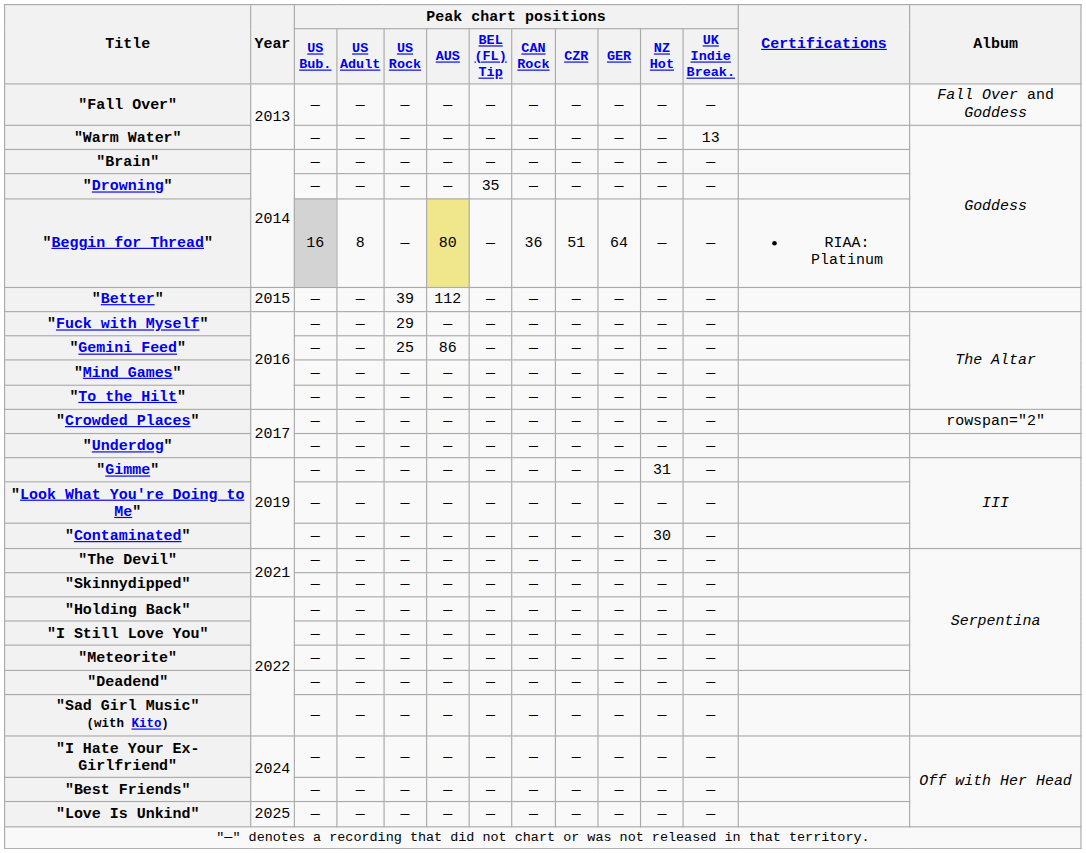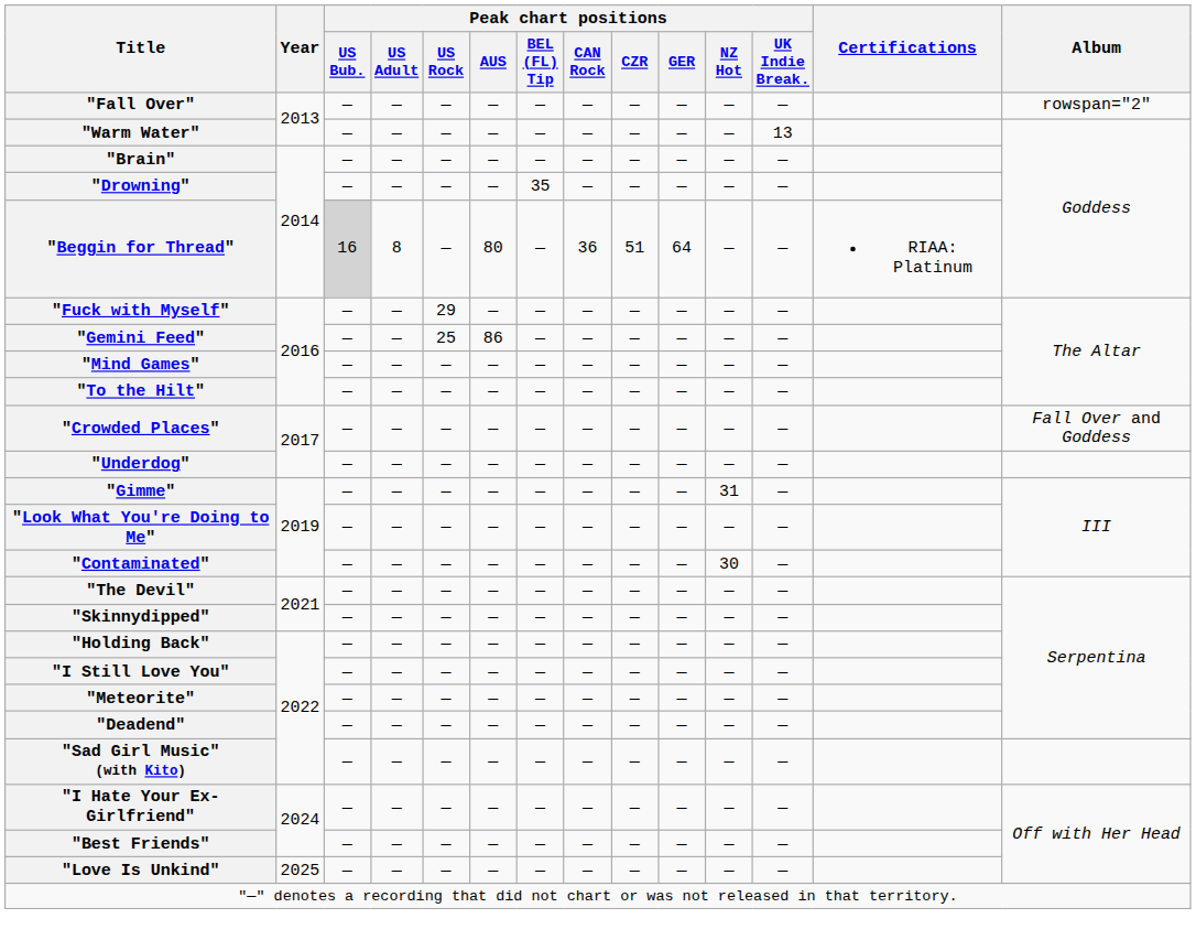 <table class="wikitable plainrowheaders" style="text-align:center">
 <tr>
 <th scope="col" rowspan="2" style="width:16em;">Title</th>
 <th scope="col" rowspan="2" style="width:1em;">Year</th>
 <th scope="col" colspan="10">Peak chart positions</th>
 <th scope="col" rowspan="2" style="width:11em;"><a href='#'>Certifications</a></th>
 <th scope="col" rowspan="2" style="width:11em;">Album</th>
 </tr>
 <tr>
 <th scope="col" style="width:2.7em;font-size:90%;"><a href='#'>US<br>Bub.</a><br></th>
 <th scope="col" style="width:2.7em;font-size:90%;"><a href='#'>US<br>Adult</a><br></th>
 <th scope="col" style="width:2.7em;font-size:90%;"><a href='#'>US<br>Rock</a><br></th>
 <th scope="col" style="width:2.7em;font-size:90%;"><a href='#'>AUS</a><br></th>
 <th scope="col" style="width:2.7em;font-size:90%;"><a href='#'>BEL<br>(FL)<br>Tip</a><br></th>
 <th scope="col" style="width:2.7em;font-size:90%;"><a href='#'>CAN<br>Rock</a><br></th>
 <th scope="col" style="width:2.7em;font-size:90%;"><a href='#'>CZR</a><br></th>
 <th scope="col" style="width:2.7em;font-size:90%;"><a href='#'>GER</a><br></th>
 <th scope="col" style="width:2.7em;font-size:90%;"><a href='#'>NZ<br>Hot</a><br></th>
 <th scope="col" style="width:2.7em;font-size:90%;"><a href='#'>UK<br>Indie<br>Break.</a><br></th>
 </tr>
 <tr>
 <th scope="row">"Fall Over"</th>
 <td rowspan="2">2013</td>
 <td>—</td>
 <td>—</td>
 <td>—</td>
 <td>—</td>
 <td>—</td>
 <td>—</td>
 <td>—</td>
 <td>—</td>
 <td>—</td>
 <td>—</td>
 <td></td>
-<td><em>Fall Over</em> and <em>Goddess</em></td>
+<td>rowspan="2" </td>
 </tr>
 <tr>
 <th scope="row">"Warm Water"</th>
 <td>—</td>
 <td>—</td>
 <td>—</td>
 <td>—</td>
 <td>—</td>
 <td>—</td>
 <td>—</td>
 <td>—</td>
 <td>—</td>
 <td>13</td>
 <td></td>
 <td rowspan="4"><em>Goddess</em></td>
 </tr>
 <tr>
 <th scope="row">"Brain"</th>
 <td rowspan="3">2014</td>
 <td>—</td>
 <td>—</td>
 <td>—</td>
 <td>—</td>
 <td>—</td>
 <td>—</td>
 <td>—</td>
 <td>—</td>
 <td>—</td>
 <td>—</td>
 <td></td>
 </tr>
 <tr>
 <th scope="row">"<a href='#'>Drowning</a>"</th>
 <td>—</td>
 <td>—</td>
 <td>—</td>
 <td>—</td>
 <td>35</td>
 <td>—</td>
 <td>—</td>
 <td>—</td>
 <td>—</td>
 <td>—</td>
 <td></td>
 </tr>
 <tr>
 <th scope="row">"<a href='#'>Beggin for Thread</a>"</th>
 <td style="background: lightgrey;">16</td>
 <td>8</td>
 <td>—</td>
-<td style="background: khaki;">80</td>
+<td>80</td>
 <td>—</td>
 <td>36</td>
 <td>51</td>
 <td>64</td>
 <td>—</td>
 <td>—</td>
 <td><br><ul><li>RIAA: Platinum</li></ul></td>
-</tr>
-<tr>
-<th scope="row">"<a href='#'>Better</a>"</th>
-<td>2015</td>
-<td>—</td>
-<td>—</td>
-<td>39</td>
-<td>112</td>
-<td>—</td>
-<td>—</td>
-<td>—</td>
-<td>—</td>
-<td>—</td>
-<td>—</td>
-<td></td>
-<td></td>
 </tr>
 <tr>
 <th scope="row">"<a href='#'>Fuck with Myself</a>"</th>
 <td rowspan="4">2016</td>
 <td>—</td>
 <td>—</td>
 <td>29</td>
 <td>—</td>
 <td>—</td>
 <td>—</td>
 <td>—</td>
 <td>—</td>
 <td>—</td>
 <td>—</td>
 <td></td>
 <td rowspan="4"><em>The Altar</em></td>
 </tr>
 <tr>
 <th scope="row">"<a href='#'>Gemini Feed</a>"</th>
 <td>—</td>
 <td>—</td>
 <td>25</td>
 <td>86</td>
 <td>—</td>
 <td>—</td>
 <td>—</td>
 <td>—</td>
 <td>—</td>
 <td>—</td>
 <td></td>
 </tr>
 <tr>
 <th scope="row">"<a href='#'>Mind Games</a>"</th>
 <td>—</td>
 <td>—</td>
 <td>—</td>
 <td>—</td>
 <td>—</td>
 <td>—</td>
 <td>—</td>
 <td>—</td>
 <td>—</td>
 <td>—</td>
 <td></td>
 </tr>
 <tr>
 <th scope="row">"<a href='#'>To the Hilt</a>"</th>
 <td>—</td>
 <td>—</td>
 <td>—</td>
 <td>—</td>
 <td>—</td>
 <td>—</td>
 <td>—</td>
 <td>—</td>
 <td>—</td>
 <td>—</td>
 <td></td>
 </tr>
 <tr>
 <th scope="row">"<a href='#'>Crowded Places</a>"</th>
 <td rowspan="2">2017</td>
 <td>—</td>
 <td>—</td>
 <td>—</td>
 <td>—</td>
 <td>—</td>
 <td>—</td>
 <td>—</td>
 <td>—</td>
 <td>—</td>
 <td>—</td>
 <td></td>
-<td>rowspan="2" </td>
+<td><em>Fall Over</em> and <em>Goddess</em></td>
 </tr>
 <tr>
 <th scope="row">"<a href='#'>Underdog</a>"</th>
 <td>—</td>
 <td>—</td>
 <td>—</td>
 <td>—</td>
 <td>—</td>
 <td>—</td>
 <td>—</td>
 <td>—</td>
 <td>—</td>
 <td>—</td>
 <td></td>
 </tr>
 <tr>
 <th scope="row">"<a href='#'>Gimme</a>"</th>
 <td rowspan="3">2019</td>
 <td>—</td>
 <td>—</td>
 <td>—</td>
 <td>—</td>
 <td>—</td>
 <td>—</td>
 <td>—</td>
 <td>—</td>
 <td>31</td>
 <td>—</td>
 <td></td>
 <td rowspan="3"><em>III</em></td>
 </tr>
 <tr>
 <th scope="row">"<a href='#'>Look What You're Doing to Me</a>"<br></th>
 <td>—</td>
 <td>—</td>
 <td>—</td>
 <td>—</td>
 <td>—</td>
 <td>—</td>
 <td>—</td>
 <td>—</td>
 <td>—</td>
 <td>—</td>
 <td></td>
 </tr>
 <tr>
 <th scope="row">"<a href='#'>Contaminated</a>"</th>
 <td>—</td>
 <td>—</td>
 <td>—</td>
 <td>—</td>
 <td>—</td>
 <td>—</td>
 <td>—</td>
 <td>—</td>
 <td>30</td>
 <td>—</td>
 <td></td>
 </tr>
 <tr>
 <th scope="row">"The Devil"</th>
 <td rowspan="2">2021</td>
 <td>—</td>
 <td>—</td>
 <td>—</td>
 <td>—</td>
 <td>—</td>
 <td>—</td>
 <td>—</td>
 <td>—</td>
 <td>—</td>
 <td>—</td>
 <td></td>
 <td rowspan="6"><em>Serpentina</em></td>
 </tr>
 <tr>
 <th scope="row">"Skinnydipped"</th>
 <td>—</td>
 <td>—</td>
 <td>—</td>
 <td>—</td>
 <td>—</td>
 <td>—</td>
 <td>—</td>
 <td>—</td>
 <td>—</td>
 <td>—</td>
 </tr>
 <tr>
 <th scope="row">"Holding Back"</th>
 <td rowspan="5">2022</td>
 <td>—</td>
 <td>—</td>
 <td>—</td>
 <td>—</td>
 <td>—</td>
 <td>—</td>
 <td>—</td>
 <td>—</td>
 <td>—</td>
 <td>—</td>
 <td></td>
 </tr>
 <tr>
 <th scope="row">"I Still Love You"</th>
 <td>—</td>
 <td>—</td>
 <td>—</td>
 <td>—</td>
 <td>—</td>
 <td>—</td>
 <td>—</td>
 <td>—</td>
 <td>—</td>
 <td>—</td>
 <td></td>
 </tr>
 <tr>
 <th scope="row">"Meteorite"</th>
 <td>—</td>
 <td>—</td>
 <td>—</td>
 <td>—</td>
 <td>—</td>
 <td>—</td>
 <td>—</td>
 <td>—</td>
 <td>—</td>
 <td>—</td>
 <td></td>
 </tr>
 <tr>
 <th scope="row">"Deadend"</th>
 <td>—</td>
 <td>—</td>
 <td>—</td>
 <td>—</td>
 <td>—</td>
 <td>—</td>
 <td>—</td>
 <td>—</td>
 <td>—</td>
 <td>—</td>
 <td></td>
 </tr>
 <tr>
 <th scope="row">"Sad Girl Music" <br><small>(with <a href='#'>Kito</a>)</small></th>
 <td>—</td>
 <td>—</td>
 <td>—</td>
 <td>—</td>
 <td>—</td>
 <td>—</td>
 <td>—</td>
 <td>—</td>
 <td>—</td>
 <td>—</td>
 <td></td>
 <td></td>
 </tr>
 <tr>
 <th scope="row">"I Hate Your Ex-Girlfriend"<br></th>
 <td rowspan="2">2024</td>
 <td>—</td>
 <td>—</td>
 <td>—</td>
 <td>—</td>
 <td>—</td>
 <td>—</td>
 <td>—</td>
 <td>—</td>
 <td>—</td>
 <td>—</td>
 <td></td>
 <td rowspan="3"><em>Off with Her Head</em></td>
 </tr>
 <tr>
 <th scope="row">"Best Friends"</th>
 <td>—</td>
 <td>—</td>
 <td>—</td>
 <td>—</td>
 <td>—</td>
 <td>—</td>
 <td>—</td>
 <td>—</td>
 <td>—</td>
 <td>—</td>
 <td></td>
 </tr>
 <tr>
 <th scope="row">"Love Is Unkind"</th>
 <td>2025</td>
 <td>—</td>
 <td>—</td>
 <td>—</td>
 <td>—</td>
 <td>—</td>
 <td>—</td>
 <td>—</td>
 <td>—</td>
 <td>—</td>
 <td>—</td>
 <td></td>
 </tr>
 <tr>
 <td colspan="14" style="font-size:90%">"—" denotes a recording that did not chart or was not released in that territory.</td>
 </tr>
 </table>
